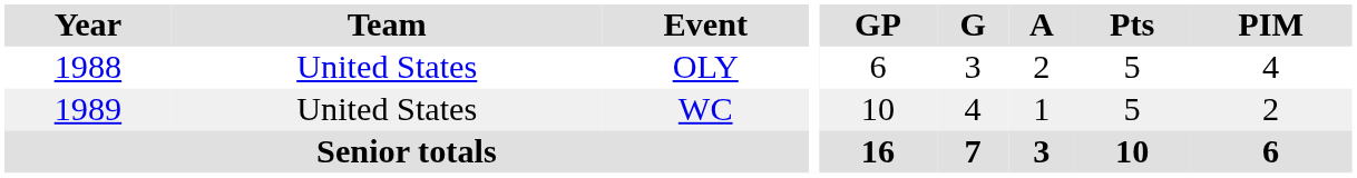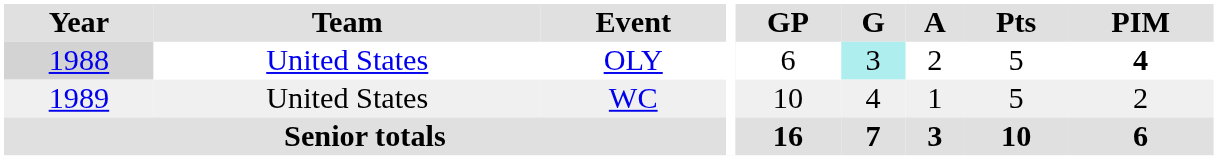 <table border="0" cellpadding="1" cellspacing="0" ID="Table3" style="text-align:center; width:40em">
 <tr bgcolor="#e0e0e0">
 <th>Year</th>
 <th>Team</th>
 <th>Event</th>
 <th rowspan="102" bgcolor="#ffffff"></th>
 <th>GP</th>
 <th>G</th>
 <th>A</th>
 <th>Pts</th>
 <th>PIM</th>
 </tr>
 <tr>
-<td><a href='#'>1988</a></td>
+<td style="background: lightgrey;"><a href='#'>1988</a></td>
 <td><a href='#'>United States</a></td>
 <td><a href='#'>OLY</a></td>
 <td>6</td>
-<td>3</td>
+<td style="background: paleturquoise;">3</td>
 <td>2</td>
 <td>5</td>
-<td>4</td>
+<td><strong>4</strong></td>
 </tr>
 <tr bgcolor="#f0f0f0">
 <td><a href='#'>1989</a></td>
 <td>United States</td>
 <td><a href='#'>WC</a></td>
 <td>10</td>
 <td>4</td>
 <td>1</td>
 <td>5</td>
 <td>2</td>
 </tr>
 <tr bgcolor="#e0e0e0">
 <th colspan="3">Senior totals</th>
 <th>16</th>
 <th>7</th>
 <th>3</th>
 <th>10</th>
 <th>6</th>
 </tr>
 </table>
